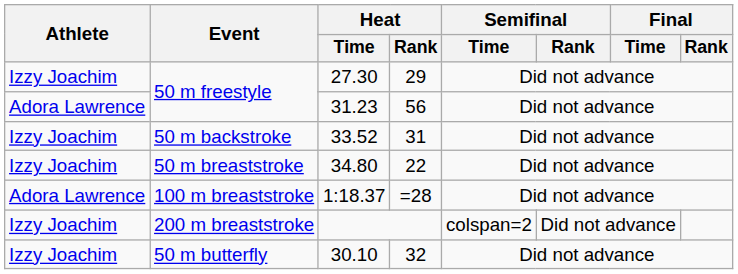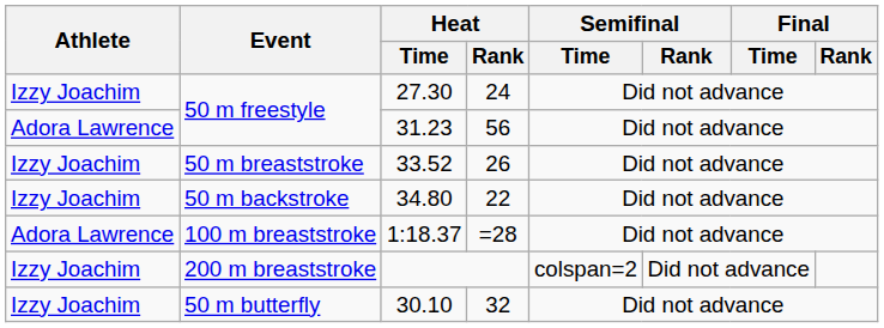 <table class=wikitable style=font-size:90%>
 <tr>
 <th rowspan=2>Athlete</th>
 <th rowspan=2>Event</th>
 <th colspan=2>Heat</th>
 <th colspan=2>Semifinal</th>
 <th colspan=2>Final</th>
 </tr>
 <tr style=font-size:95%>
 <th>Time</th>
 <th>Rank</th>
 <th>Time</th>
 <th>Rank</th>
 <th>Time</th>
 <th>Rank</th>
 </tr>
 <tr align=center>
 <td align=left><a href='#'>Izzy Joachim</a></td>
 <td align=left rowspan=2><a href='#'>50 m freestyle</a></td>
 <td>27.30</td>
-<td>29</td>
+<td>24</td>
 <td colspan=4>Did not advance</td>
 </tr>
 <tr align=center>
 <td align=left><a href='#'>Adora Lawrence</a></td>
 <td>31.23</td>
 <td>56</td>
 <td colspan=4>Did not advance</td>
 </tr>
 <tr align=center>
 <td align=left><a href='#'>Izzy Joachim</a></td>
-<td align=left><a href='#'>50 m backstroke</a></td>
+<td align=left><a href='#'>50 m breaststroke</a></td>
 <td>33.52</td>
-<td>31</td>
+<td>26</td>
 <td colspan=4>Did not advance</td>
 </tr>
 <tr align=center>
 <td align=left><a href='#'>Izzy Joachim</a></td>
-<td align=left><a href='#'>50 m breaststroke</a></td>
+<td align=left><a href='#'>50 m backstroke</a></td>
 <td>34.80</td>
 <td>22</td>
 <td colspan=4>Did not advance</td>
 </tr>
 <tr align=center>
 <td align=left><a href='#'>Adora Lawrence</a></td>
 <td align=left><a href='#'>100 m breaststroke</a></td>
 <td>1:18.37</td>
 <td>=28</td>
 <td colspan=4>Did not advance</td>
 </tr>
 <tr align=center>
 <td align=left><a href='#'>Izzy Joachim</a></td>
 <td align=left><a href='#'>200 m breaststroke</a></td>
 <td colspan=2></td>
 <td>colspan=2 </td>
 <td colspan=2>Did not advance</td>
 </tr>
 <tr align=center>
 <td align=left><a href='#'>Izzy Joachim</a></td>
 <td align=left><a href='#'>50 m butterfly</a></td>
 <td>30.10</td>
 <td>32</td>
 <td colspan=4>Did not advance</td>
 </tr>
 </table>
